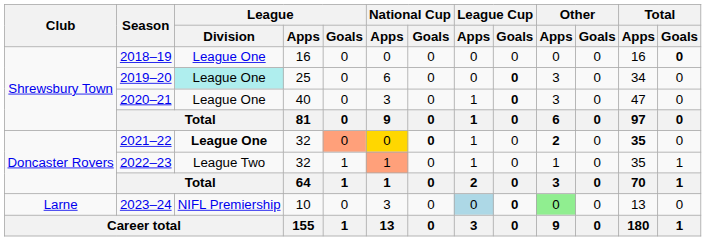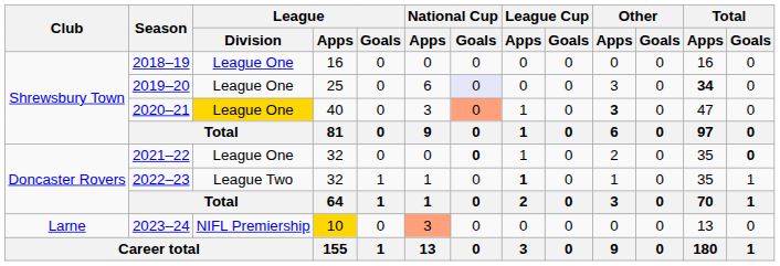 <table class=wikitable style="text-align:center">
 <tr>
 <th rowspan=2>Club</th>
 <th rowspan=2>Season</th>
 <th colspan=3>League</th>
 <th colspan=2>National Cup</th>
 <th colspan=2>League Cup</th>
 <th colspan=2>Other</th>
 <th colspan=2>Total</th>
 </tr>
 <tr>
 <th>Division</th>
 <th>Apps</th>
 <th>Goals</th>
 <th>Apps</th>
 <th>Goals</th>
 <th>Apps</th>
 <th>Goals</th>
 <th>Apps</th>
 <th>Goals</th>
 <th>Apps</th>
 <th>Goals</th>
 </tr>
 <tr>
 <td rowspan=4><a href='#'>Shrewsbury Town</a></td>
 <td><a href='#'>2018–19</a></td>
 <td><a href='#'>League One</a></td>
 <td>16</td>
 <td>0</td>
 <td>0</td>
 <td>0</td>
 <td>0</td>
 <td>0</td>
 <td>0</td>
 <td>0</td>
 <td>16</td>
-<td><strong>0</strong></td>
+<td>0</td>
 </tr>
 <tr>
 <td><a href='#'>2019–20</a></td>
-<td style="background: paleturquoise;">League One</td>
+<td>League One</td>
 <td>25</td>
 <td>0</td>
 <td>6</td>
+<td style="background: lavender;">0</td>
 <td>0</td>
 <td>0</td>
-<td><strong>0</strong></td>
 <td>3</td>
 <td>0</td>
-<td>34</td>
+<td><strong>34</strong></td>
 <td>0</td>
 </tr>
 <tr>
 <td><a href='#'>2020–21</a></td>
-<td>League One</td>
+<td style="background: gold;">League One</td>
 <td>40</td>
 <td>0</td>
 <td>3</td>
+<td style="background: lightsalmon;">0</td>
+<td>1</td>
 <td>0</td>
-<td>1</td>
-<td><strong>0</strong></td>
-<td>3</td>
+<td><strong>3</strong></td>
 <td>0</td>
 <td>47</td>
 <td>0</td>
 </tr>
 <tr>
 <th colspan=2>Total</th>
 <th>81</th>
 <th>0</th>
 <th>9</th>
 <th>0</th>
 <th>1</th>
 <th>0</th>
 <th>6</th>
 <th>0</th>
 <th>97</th>
 <th>0</th>
 </tr>
 <tr>
 <td rowspan="3"><a href='#'>Doncaster Rovers</a></td>
 <td><a href='#'>2021–22</a></td>
-<td><strong>League One</strong></td>
+<td>League One</td>
 <td>32</td>
-<td style="background: lightsalmon;">0</td>
-<td style="background: gold;">0</td>
+<td>0</td>
+<td>0</td>
 <td><strong>0</strong></td>
 <td>1</td>
 <td>0</td>
-<td><strong>2</strong></td>
+<td>2</td>
 <td>0</td>
-<td><strong>35</strong></td>
-<td>0</td>
+<td>35</td>
+<td><strong>0</strong></td>
 </tr>
 <tr>
 <td><a href='#'>2022–23</a></td>
 <td>League Two</td>
 <td>32</td>
 <td>1</td>
-<td style="background: lightsalmon;">1</td>
+<td>1</td>
 <td>0</td>
-<td>1</td>
+<td><strong>1</strong></td>
 <td>0</td>
 <td>1</td>
 <td>0</td>
 <td>35</td>
 <td>1</td>
 </tr>
 <tr>
 <th colspan="2">Total</th>
 <th>64</th>
 <th>1</th>
 <th>1</th>
 <th>0</th>
 <th>2</th>
 <th>0</th>
 <th>3</th>
 <th>0</th>
 <th>70</th>
 <th>1</th>
 </tr>
 <tr>
 <td><a href='#'>Larne</a></td>
 <td><a href='#'>2023–24</a></td>
 <td><a href='#'>NIFL Premiership</a></td>
-<td>10</td>
+<td style="background: gold;">10</td>
 <td>0</td>
-<td>3</td>
+<td style="background: lightsalmon;">3</td>
 <td>0</td>
-<td style="background: lightblue;">0</td>
-<td><strong>0</strong></td>
-<td style="background: lightgreen;">0</td>
+<td>0</td>
+<td>0</td>
+<td>0</td>
 <td>0</td>
 <td>13</td>
 <td>0</td>
 </tr>
 <tr>
 <th colspan=3>Career total</th>
 <th>155</th>
 <th>1</th>
 <th>13</th>
 <th>0</th>
 <th>3</th>
 <th>0</th>
 <th>9</th>
 <th>0</th>
 <th>180</th>
 <th>1</th>
 </tr>
 </table>
